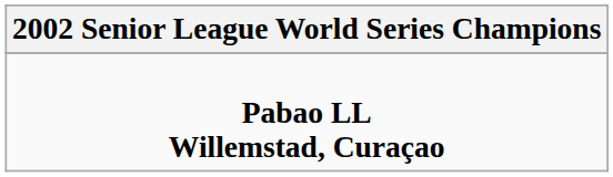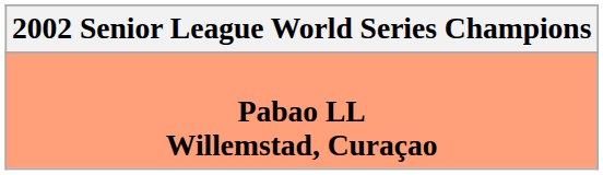 <table class="wikitable" style="text-align: center; margin: 0 auto;">
 <tr>
 <th>2002 Senior League World Series Champions</th>
 </tr>
 <tr>
 </tr>
 <tr>
-<td><br><strong>Pabao LL</strong><br> <strong>Willemstad, Curaçao</strong></td>
+<td style="background: lightsalmon;"><br><strong>Pabao LL</strong><br> <strong>Willemstad, Curaçao</strong></td>
 </tr>
 </table>
